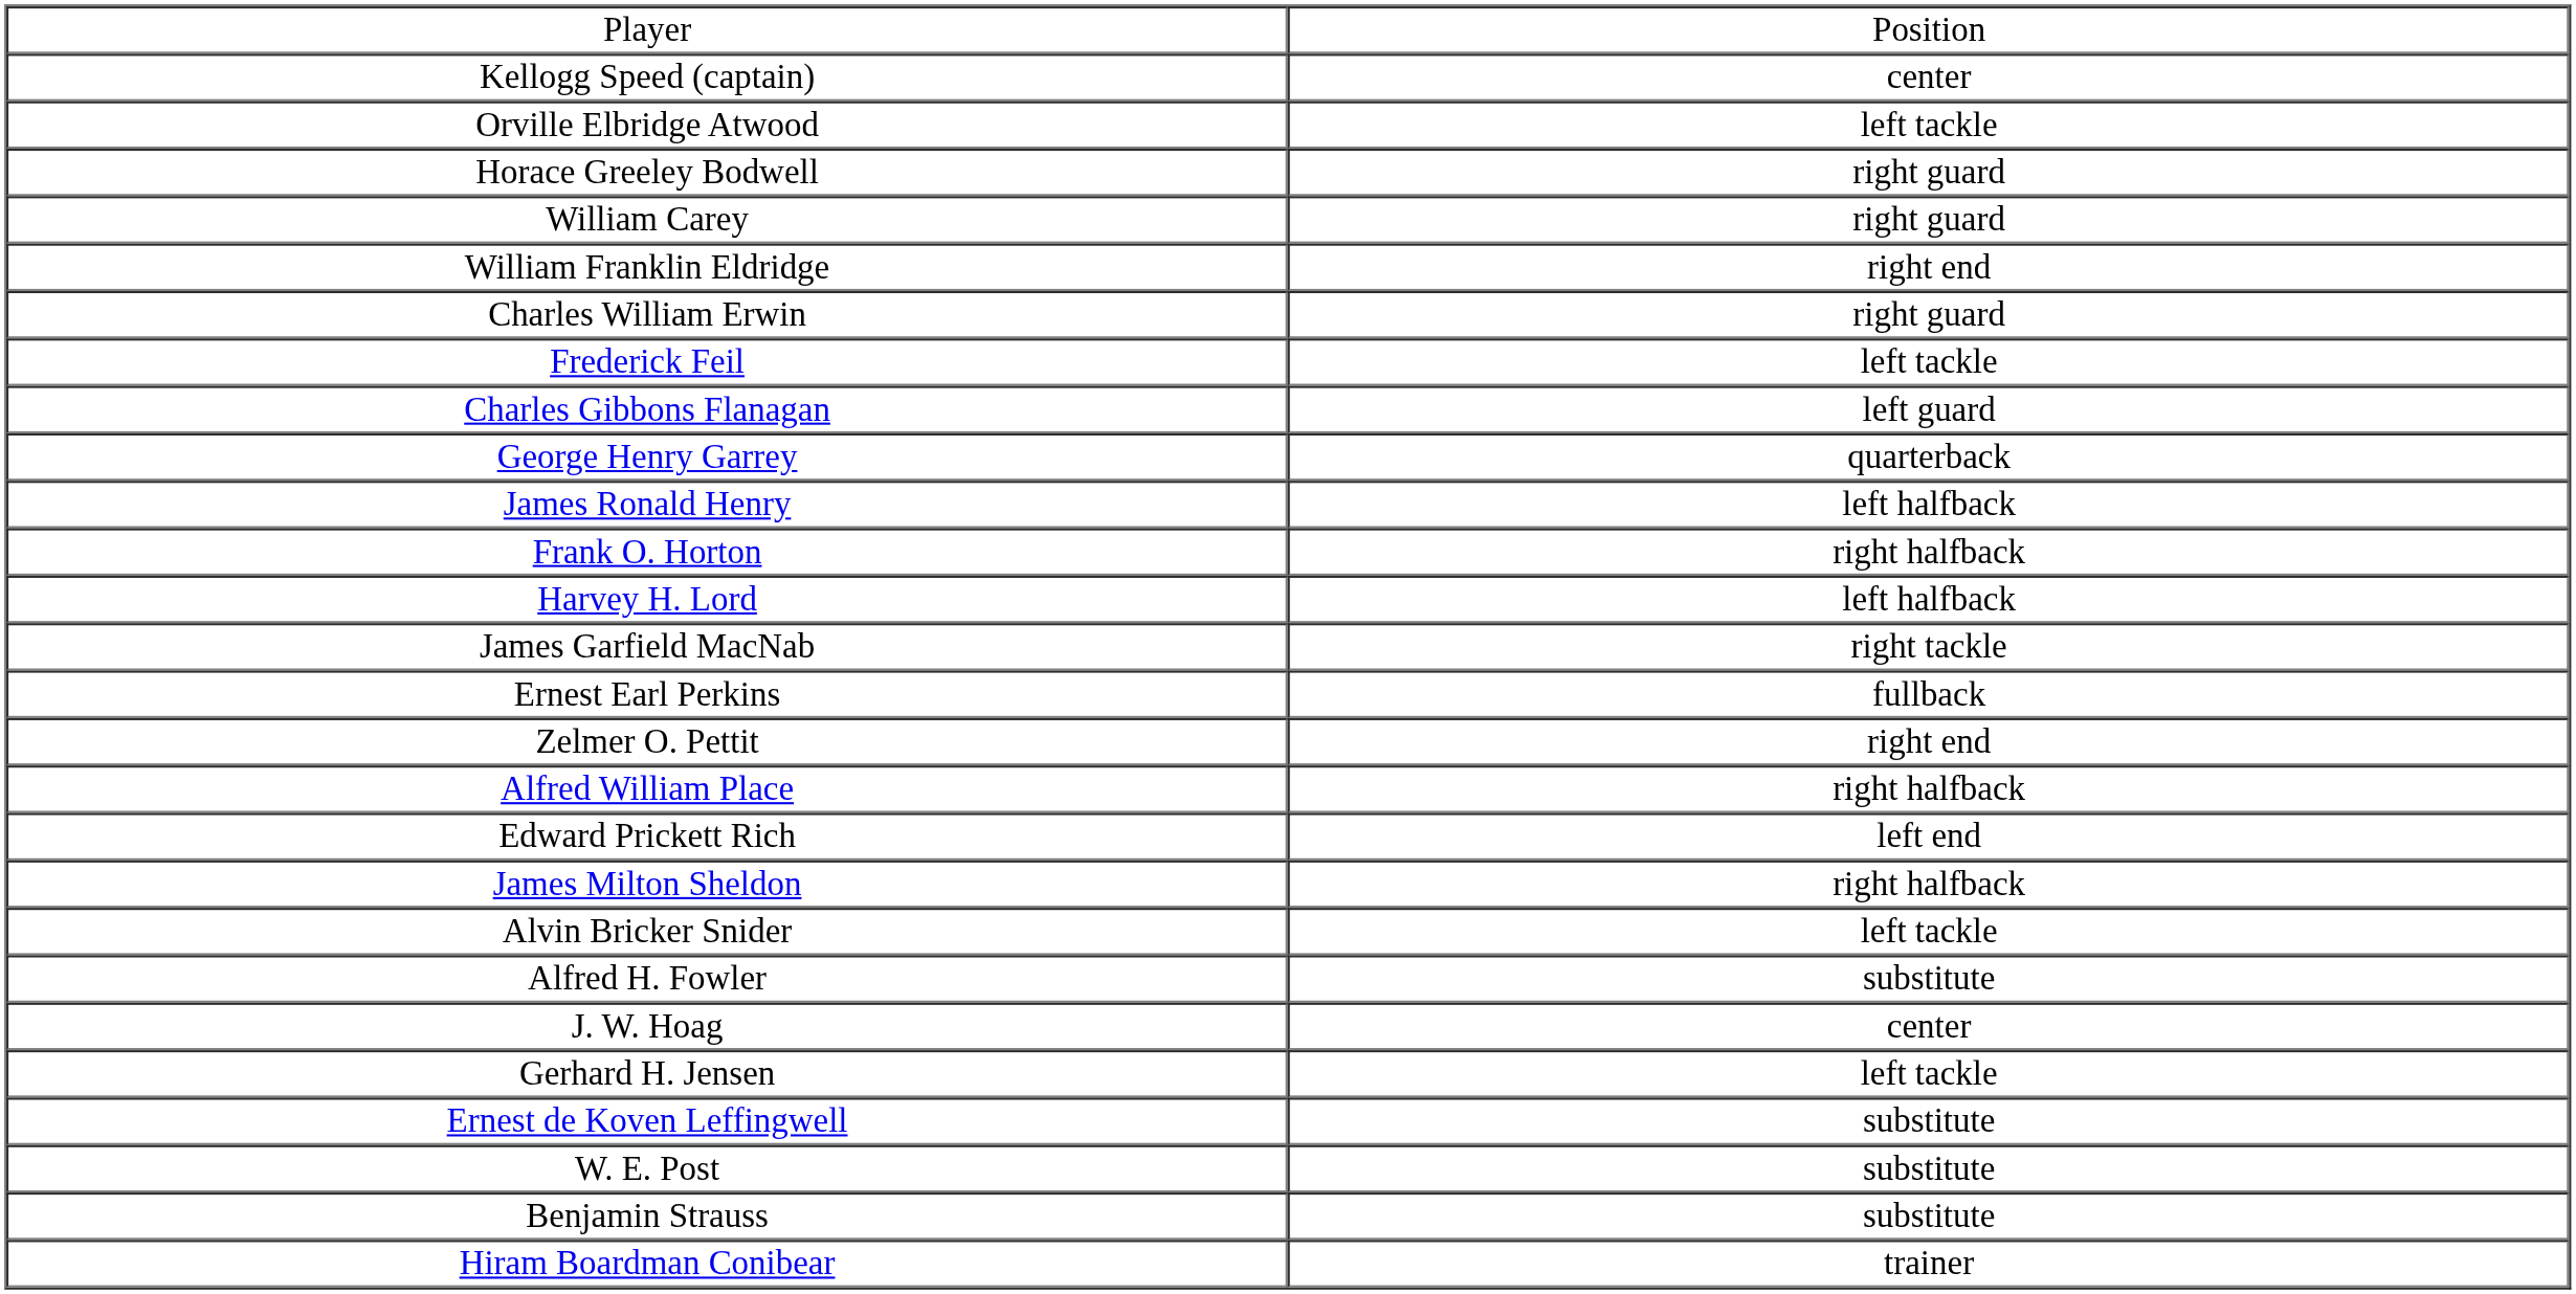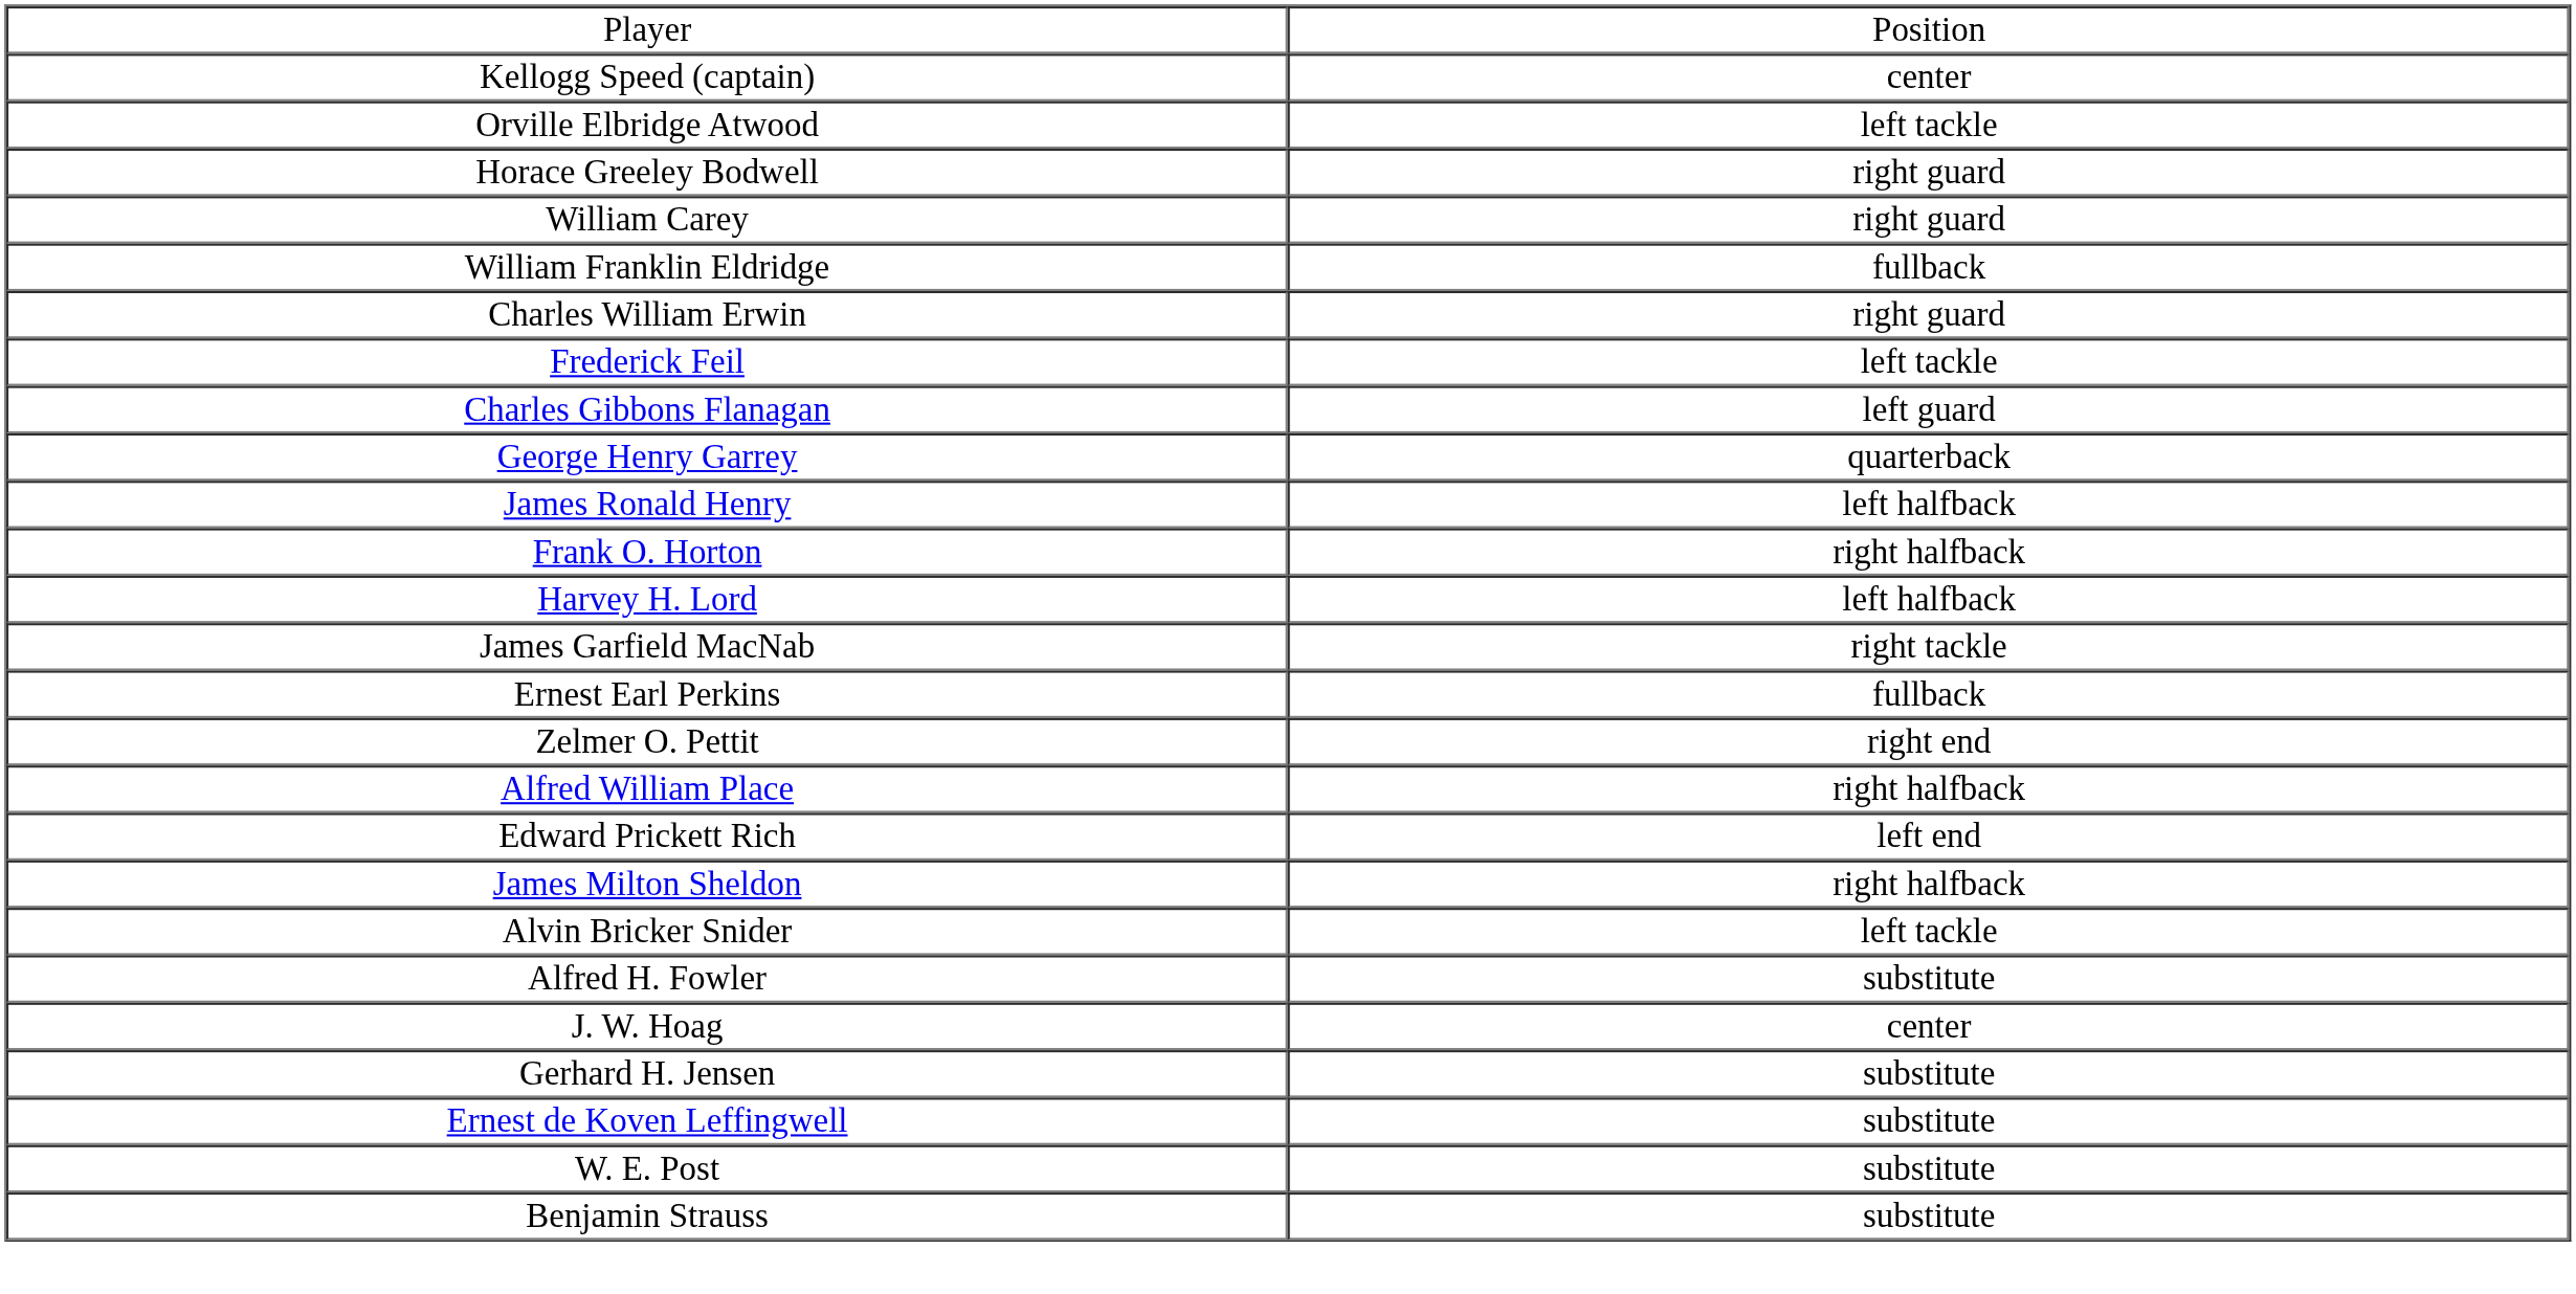 <table cellpadding="1" border="1" cellspacing="0" width="60%" style="text-align:center;">
 <tr>
 <td>Player</td>
 <td>Position</td>
 </tr>
 <tr align="center" bgcolor="">
 <td>Kellogg Speed (captain)</td>
 <td>center</td>
 </tr>
 <tr align="center" bgcolor="">
 <td>Orville Elbridge Atwood</td>
 <td>left tackle</td>
 </tr>
 <tr align="center" bgcolor="">
 <td>Horace Greeley Bodwell</td>
 <td>right guard</td>
 </tr>
 <tr align="center" bgcolor="">
 <td>William Carey</td>
 <td>right guard</td>
 </tr>
 <tr align="center" bgcolor="">
 <td>William Franklin Eldridge</td>
-<td>right end</td>
+<td>fullback</td>
 </tr>
 <tr align="center" bgcolor="">
 <td>Charles William Erwin</td>
 <td>right guard</td>
 </tr>
 <tr align="center" bgcolor="">
 <td><a href='#'>Frederick Feil</a></td>
 <td>left tackle</td>
 </tr>
 <tr align="center" bgcolor="">
 <td><a href='#'>Charles Gibbons Flanagan</a></td>
 <td>left guard</td>
 </tr>
 <tr align="center" bgcolor="">
 <td><a href='#'>George Henry Garrey</a></td>
 <td>quarterback</td>
 </tr>
 <tr align="center" bgcolor="">
 <td><a href='#'>James Ronald Henry</a></td>
 <td>left halfback</td>
 </tr>
 <tr align="center" bgcolor="">
 <td><a href='#'>Frank O. Horton</a></td>
 <td>right halfback</td>
 </tr>
 <tr align="center" bgcolor="">
 <td><a href='#'>Harvey H. Lord</a></td>
 <td>left halfback</td>
 </tr>
 <tr align="center" bgcolor="">
 <td>James Garfield MacNab</td>
 <td>right tackle</td>
 </tr>
 <tr align="center" bgcolor="">
 <td>Ernest Earl Perkins</td>
 <td>fullback</td>
 </tr>
 <tr align="center" bgcolor="">
 <td>Zelmer O. Pettit</td>
 <td>right end</td>
 </tr>
 <tr align="center" bgcolor="">
 <td width="250"><a href='#'>Alfred William Place</a></td>
 <td width="250">right halfback</td>
 </tr>
 <tr align="center" bgcolor="">
 <td>Edward Prickett Rich</td>
 <td>left end</td>
 </tr>
 <tr align="center" bgcolor="">
 <td><a href='#'>James Milton Sheldon</a></td>
 <td>right halfback</td>
 </tr>
 <tr align="center" bgcolor="">
 <td>Alvin Bricker Snider</td>
 <td>left tackle</td>
 </tr>
 <tr align="center" bgcolor="">
 <td>Alfred H. Fowler</td>
 <td>substitute</td>
 </tr>
 <tr align="center" bgcolor="">
 <td>J. W. Hoag</td>
 <td>center</td>
 </tr>
 <tr align="center" bgcolor="">
 <td>Gerhard H. Jensen</td>
-<td>left tackle</td>
+<td>substitute</td>
 </tr>
 <tr align="center" bgcolor="">
 <td><a href='#'>Ernest de Koven Leffingwell</a></td>
 <td>substitute</td>
 </tr>
 <tr align="center" bgcolor="">
 <td>W. E. Post</td>
 <td>substitute</td>
 </tr>
 <tr align="center" bgcolor="">
 <td>Benjamin Strauss</td>
 <td>substitute</td>
 </tr>
 <tr align="center" bgcolor="">
-<td><a href='#'>Hiram Boardman Conibear</a></td>
-<td>trainer</td>
-</tr>
-<tr align="center" bgcolor="">
 </tr>
 </table>
